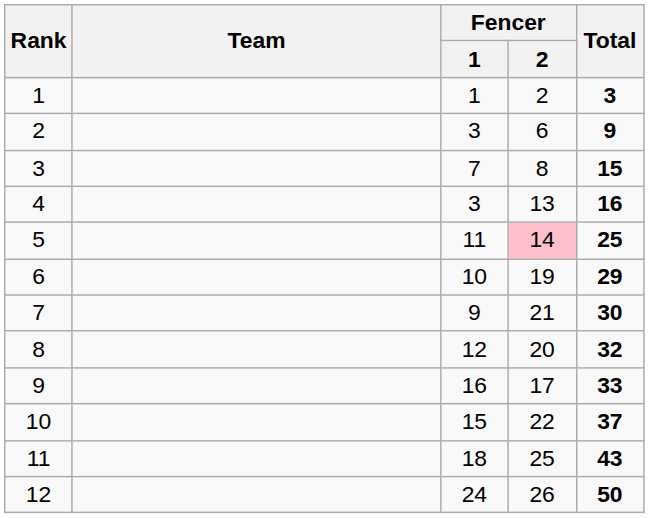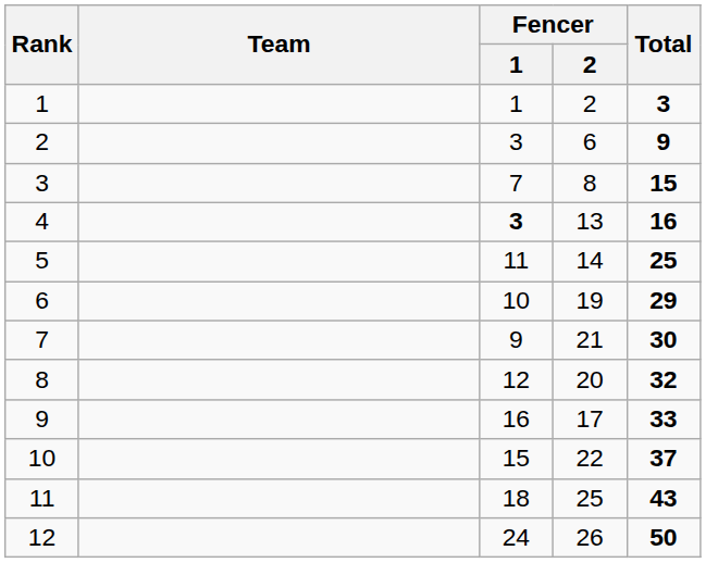 <table class=wikitable style="text-align:center">
 <tr>
 <th rowspan=2 width=40>Rank</th>
 <th rowspan=2 width=250>Team</th>
 <th colspan=2>Fencer</th>
 <th rowspan=2 width=40>Total</th>
 </tr>
 <tr>
 <th width=40>1</th>
 <th width=40>2</th>
 </tr>
 <tr>
 <td>1</td>
 <td align=left></td>
 <td>1</td>
 <td>2</td>
 <td><strong>3</strong></td>
 </tr>
 <tr>
 <td>2</td>
 <td align=left></td>
 <td>3</td>
 <td>6</td>
 <td><strong>9</strong></td>
 </tr>
 <tr>
 <td>3</td>
 <td align=left></td>
 <td>7</td>
 <td>8</td>
 <td><strong>15</strong></td>
 </tr>
 <tr>
 <td>4</td>
 <td align=left></td>
-<td>3</td>
+<td><strong>3</strong></td>
 <td>13</td>
 <td><strong>16</strong></td>
 </tr>
 <tr>
 <td>5</td>
 <td align=left></td>
 <td>11</td>
-<td style="background: pink;">14</td>
+<td>14</td>
 <td><strong>25</strong></td>
 </tr>
 <tr>
 <td>6</td>
 <td align=left></td>
 <td>10</td>
 <td>19</td>
 <td><strong>29</strong></td>
 </tr>
 <tr>
 <td>7</td>
 <td align=left></td>
 <td>9</td>
 <td>21</td>
 <td><strong>30</strong></td>
 </tr>
 <tr>
 <td>8</td>
 <td align=left></td>
 <td>12</td>
 <td>20</td>
 <td><strong>32</strong></td>
 </tr>
 <tr>
 <td>9</td>
 <td align=left></td>
 <td>16</td>
 <td>17</td>
 <td><strong>33</strong></td>
 </tr>
 <tr>
 <td>10</td>
 <td align=left></td>
 <td>15</td>
 <td>22</td>
 <td><strong>37</strong></td>
 </tr>
 <tr>
 <td>11</td>
 <td align=left></td>
 <td>18</td>
 <td>25</td>
 <td><strong>43</strong></td>
 </tr>
 <tr>
 <td>12</td>
 <td align=left></td>
 <td>24</td>
 <td>26</td>
 <td><strong>50</strong></td>
 </tr>
 </table>
